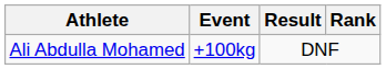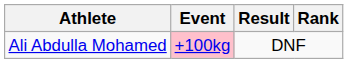 <table class=wikitable style="font-size:90%">
 <tr>
 <th>Athlete</th>
 <th>Event</th>
 <th>Result</th>
 <th>Rank</th>
 </tr>
 <tr>
 <td><a href='#'>Ali Abdulla Mohamed</a></td>
-<td><a href='#'>+100kg</a></td>
+<td style="background: pink;"><a href='#'>+100kg</a></td>
 <td style="text-align:center;" colspan="2">DNF</td>
 </tr>
 </table>
